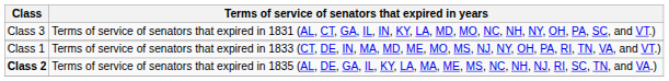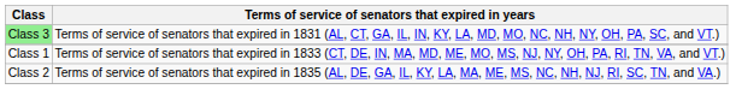 <table class="wikitable sortable">
 <tr valign=bottom>
 <th>Class</th>
 <th>Terms of service of senators that expired in years</th>
 </tr>
 <tr>
-<td>Class 3</td>
+<td style="background: lightgreen;">Class 3</td>
 <td>Terms of service of senators that expired in 1831 (<a href='#'>AL</a>, <a href='#'>CT</a>, <a href='#'>GA</a>, <a href='#'>IL</a>, <a href='#'>IN</a>, <a href='#'>KY</a>, <a href='#'>LA</a>, <a href='#'>MD</a>, <a href='#'>MO</a>, <a href='#'>NC</a>, <a href='#'>NH</a>, <a href='#'>NY</a>, <a href='#'>OH</a>, <a href='#'>PA</a>, <a href='#'>SC</a>, and <a href='#'>VT</a>.)</td>
 </tr>
 <tr>
 </tr>
 <tr>
 <td>Class 1</td>
 <td>Terms of service of senators that expired in 1833 (<a href='#'>CT</a>, <a href='#'>DE</a>, <a href='#'>IN</a>, <a href='#'>MA</a>, <a href='#'>MD</a>, <a href='#'>ME</a>, <a href='#'>MO</a>, <a href='#'>MS</a>, <a href='#'>NJ</a>, <a href='#'>NY</a>, <a href='#'>OH</a>, <a href='#'>PA</a>, <a href='#'>RI</a>, <a href='#'>TN</a>, <a href='#'>VA</a>, and <a href='#'>VT</a>.)</td>
 </tr>
 <tr>
-<td><strong>Class 2</strong></td>
+<td>Class 2</td>
 <td>Terms of service of senators that expired in 1835 (<a href='#'>AL</a>, <a href='#'>DE</a>, <a href='#'>GA</a>, <a href='#'>IL</a>, <a href='#'>KY</a>, <a href='#'>LA</a>, <a href='#'>MA</a>, <a href='#'>ME</a>, <a href='#'>MS</a>, <a href='#'>NC</a>, <a href='#'>NH</a>, <a href='#'>NJ</a>, <a href='#'>RI</a>, <a href='#'>SC</a>, <a href='#'>TN</a>, and <a href='#'>VA</a>.)</td>
 </tr>
 <tr>
 </tr>
 </table>
